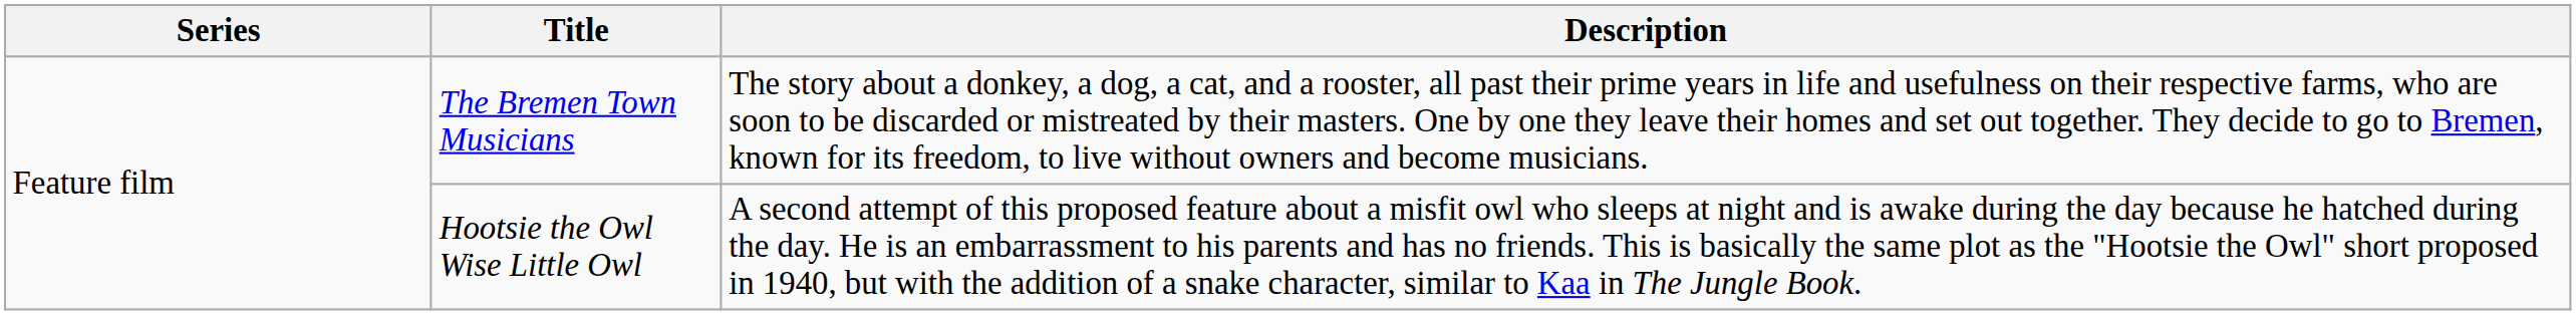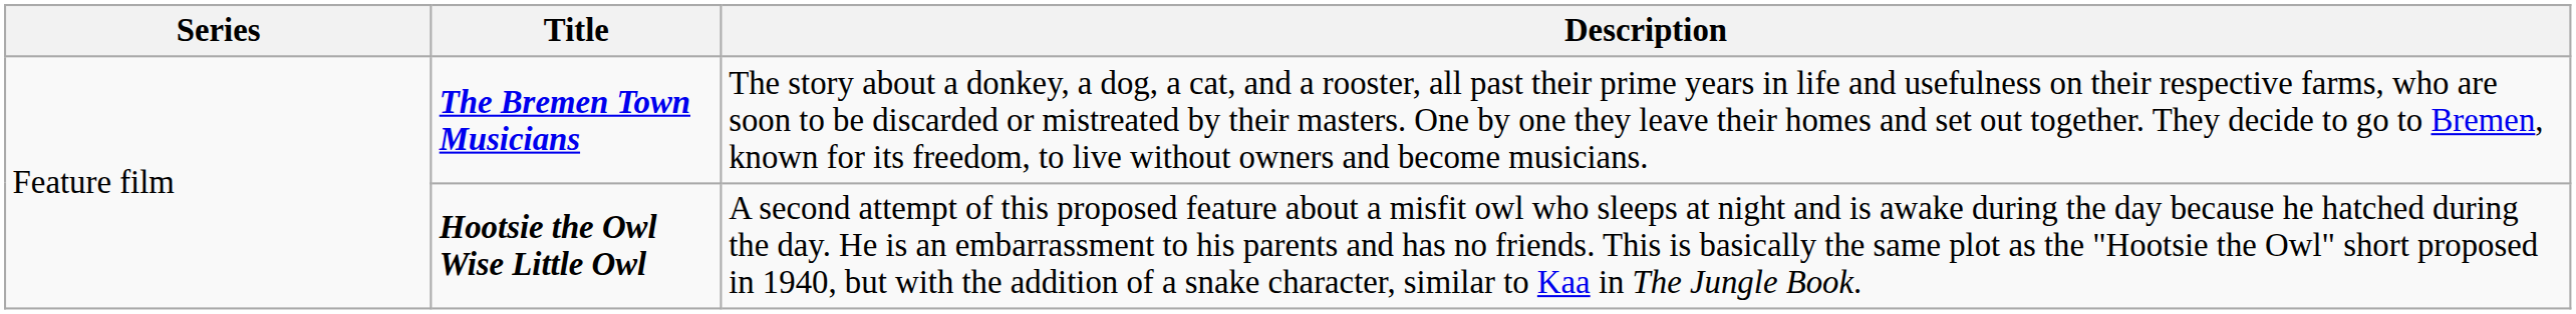 <table class="wikitable">
 <tr>
 <th style="width:150pt;">Series</th>
 <th style="width:100pt;">Title</th>
 <th>Description</th>
 </tr>
 <tr>
 <td rowspan="2">Feature film</td>
-<td><em><a href='#'>The Bremen Town Musicians</a></em></td>
+<td><strong><em><a href='#'>The Bremen Town Musicians</a></em></strong></td>
 <td>The story about a donkey, a dog, a cat, and a rooster, all past their prime years in life and usefulness on their respective farms, who are soon to be discarded or mistreated by their masters. One by one they leave their homes and set out together. They decide to go to <a href='#'>Bremen</a>, known for its freedom, to live without owners and become musicians.</td>
 </tr>
 <tr>
-<td><em>Hootsie the Owl</em> <br> <em>Wise Little Owl</em></td>
+<td><strong><em>Hootsie the Owl</em> <br> <em>Wise Little Owl</em></strong></td>
 <td>A second attempt of this proposed feature about a misfit owl who sleeps at night and is awake during the day because he hatched during the day. He is an embarrassment to his parents and has no friends. This is basically the same plot as the "Hootsie the Owl" short proposed in 1940, but with the addition of a snake character, similar to <a href='#'>Kaa</a> in <em>The Jungle Book</em>.</td>
 </tr>
 </table>
